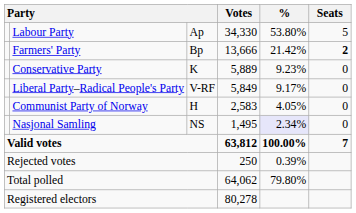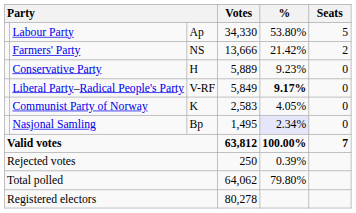 <table class="wikitable" border="1" style="text-align:right;">
 <tr>
 <th style="text-align:left;" colspan=3>Party</th>
 <th align=center width="50">Votes</th>
 <th align=center width="50">%</th>
 <th align=center width="50">Seats</th>
 </tr>
 <tr>
 <td style="color:inherit;background:"></td>
 <td align=left><a href='#'>Labour Party</a></td>
 <td align=left>Ap</td>
 <td>34,330</td>
 <td>53.80%</td>
 <td>5</td>
 </tr>
 <tr>
 <td style="color:inherit;background:"></td>
 <td align=left><a href='#'>Farmers' Party</a></td>
-<td align=left>Bp</td>
+<td align=left>NS</td>
 <td>13,666</td>
 <td>21.42%</td>
-<td><strong>2</strong></td>
+<td>2</td>
 </tr>
 <tr>
 <td style="color:inherit;background:"></td>
 <td align=left><a href='#'>Conservative Party</a></td>
-<td align=left>K</td>
+<td align=left>H</td>
 <td>5,889</td>
 <td>9.23%</td>
 <td>0</td>
 </tr>
 <tr>
 <td></td>
 <td align=left><a href='#'>Liberal Party</a>–<a href='#'>Radical People's Party</a></td>
 <td align=left>V-RF</td>
 <td>5,849</td>
-<td>9.17%</td>
+<td><strong>9.17%</strong></td>
 <td>0</td>
 </tr>
 <tr>
 <td style="color:inherit;background:"></td>
 <td align=left><a href='#'>Communist Party of Norway</a></td>
-<td align=left>H</td>
+<td align=left>K</td>
 <td>2,583</td>
 <td>4.05%</td>
 <td>0</td>
 </tr>
 <tr>
 <td style="color:inherit;background:"></td>
 <td align=left><a href='#'>Nasjonal Samling</a></td>
-<td align=left>NS</td>
+<td align=left>Bp</td>
 <td>1,495</td>
 <td style="background: lavender;">2.34%</td>
 <td>0</td>
 </tr>
 <tr style="font-weight:bold">
 <td align=left colspan=3>Valid votes</td>
 <td>63,812</td>
 <td>100.00%</td>
 <td>7</td>
 </tr>
 <tr>
 <td align=left colspan=3>Rejected votes</td>
 <td>250</td>
 <td>0.39%</td>
 <td></td>
 </tr>
 <tr>
 <td align=left colspan=3>Total polled</td>
 <td>64,062</td>
 <td>79.80%</td>
 <td></td>
 </tr>
 <tr>
 <td align=left colspan=3>Registered electors</td>
 <td>80,278</td>
 <td></td>
 <td></td>
 </tr>
 </table>
